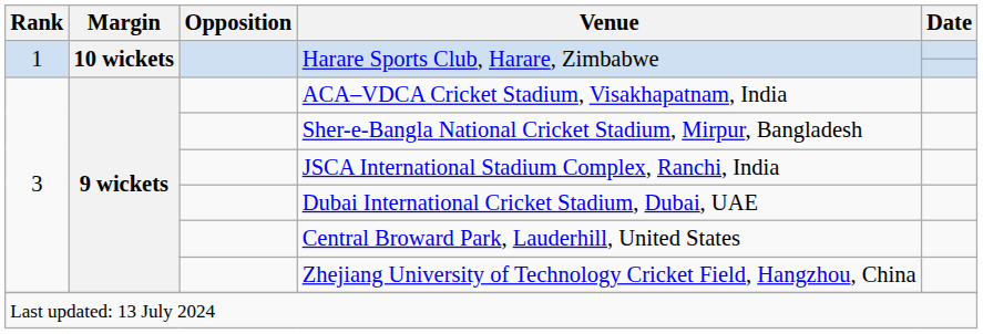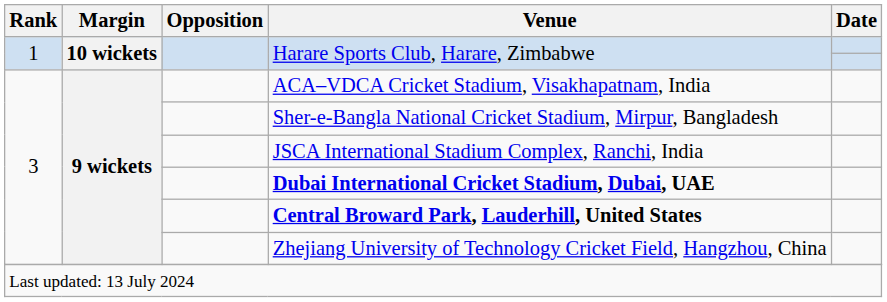 <table class="wikitable sortable">
 <tr>
 <th scope=col>Rank</th>
 <th scope=col>Margin</th>
 <th scope=col>Opposition</th>
 <th scope=col>Venue</th>
 <th scope=col>Date</th>
 </tr>
 <tr bgcolor=#cee0f2>
 <td align=center rowspan=2>1</td>
 <th scope=row style=text-align:center rowspan=2>10 wickets</th>
 <td rowspan=2></td>
 <td rowspan=2><a href='#'>Harare Sports Club</a>, <a href='#'>Harare</a>, Zimbabwe</td>
 <td></td>
 </tr>
 <tr bgcolor=#cee0f2>
 <td></td>
 </tr>
 <tr>
 <td align=center rowspan=6>3</td>
 <th scope=row style=text-align:center rowspan=6>9 wickets</th>
 <td></td>
 <td><a href='#'>ACA–VDCA Cricket Stadium</a>, <a href='#'>Visakhapatnam</a>, India</td>
 <td></td>
 </tr>
 <tr>
 <td></td>
 <td><a href='#'>Sher-e-Bangla National Cricket Stadium</a>, <a href='#'>Mirpur</a>, Bangladesh</td>
 <td></td>
 </tr>
 <tr>
 <td></td>
 <td><a href='#'>JSCA International Stadium Complex</a>, <a href='#'>Ranchi</a>, India</td>
 <td></td>
 </tr>
 <tr>
 <td></td>
-<td><a href='#'>Dubai International Cricket Stadium</a>, <a href='#'>Dubai</a>, UAE</td>
+<td><strong><a href='#'>Dubai International Cricket Stadium</a>, <a href='#'>Dubai</a>, UAE</strong></td>
 <td> </td>
 </tr>
 <tr>
 <td></td>
-<td><a href='#'>Central Broward Park</a>, <a href='#'>Lauderhill</a>, United States</td>
+<td><strong><a href='#'>Central Broward Park</a>, <a href='#'>Lauderhill</a>, United States</strong></td>
 <td></td>
 </tr>
 <tr>
 <td></td>
 <td><a href='#'>Zhejiang University of Technology Cricket Field</a>, <a href='#'>Hangzhou</a>, China</td>
 <td></td>
 </tr>
 <tr>
 </tr>
 <tr class=sortbottom>
 <td colspan=5><small>Last updated: 13 July 2024</small></td>
 </tr>
 </table>
